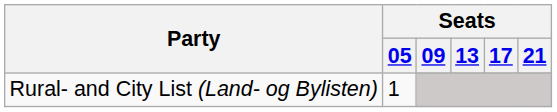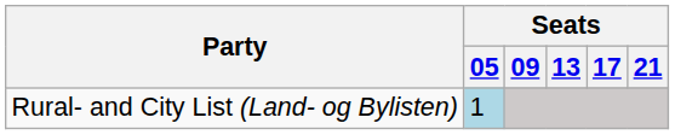 <table class="wikitable">
 <tr>
 <th rowspan=2>Party</th>
 <th colspan=11>Seats</th>
 </tr>
 <tr>
 <th><a href='#'>05</a></th>
 <th><a href='#'>09</a></th>
 <th><a href='#'>13</a></th>
 <th><a href='#'>17</a></th>
 <th><a href='#'>21</a></th>
 </tr>
 <tr>
 <td>Rural- and City List <em>(Land- og Bylisten)</em></td>
-<td>1</td>
+<td style="background: lightblue;">1</td>
 <td style="background:#CDC9C9;" colspan=4></td>
 </tr>
 </table>
